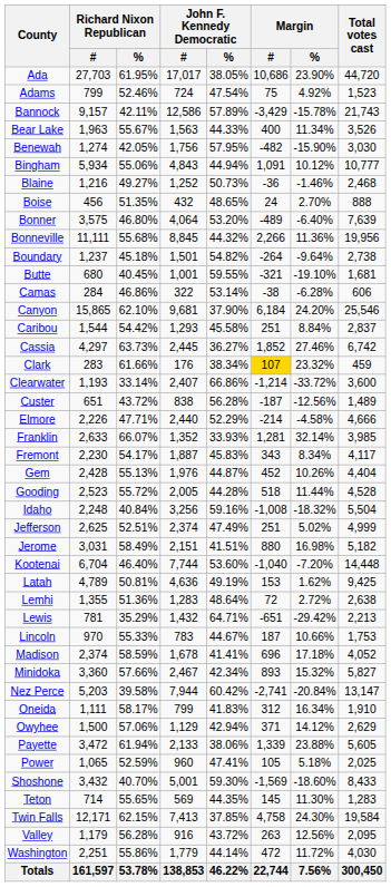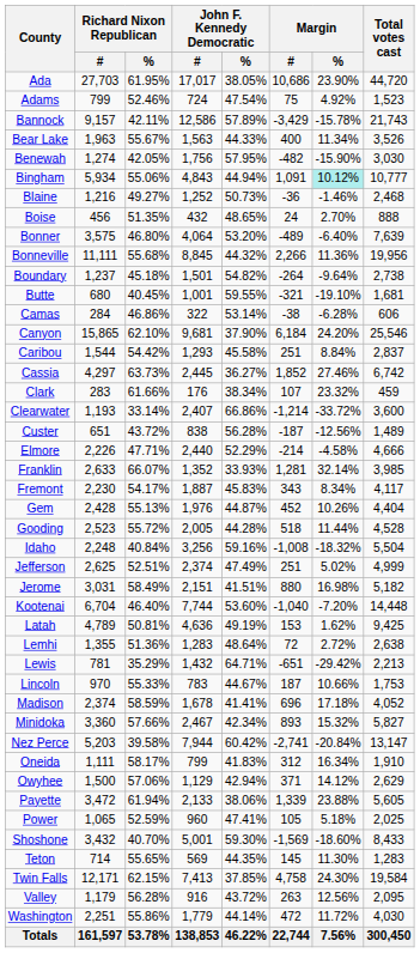 <table width="60%"  class="wikitable sortable" style="text-align:center">
 <tr>
 <th style="text-align:center;" rowspan="2">County</th>
 <th style="text-align:center;" colspan="2">Richard Nixon<br>Republican</th>
 <th style="text-align:center;" colspan="2">John F. Kennedy<br>Democratic</th>
 <th style="text-align:center;" colspan="2">Margin</th>
 <th style="text-align:center;" rowspan="2">Total votes cast</th>
 </tr>
 <tr>
 <th style="text-align:center;" data-sort-type="number">#</th>
 <th style="text-align:center;" data-sort-type="number">%</th>
 <th style="text-align:center;" data-sort-type="number">#</th>
 <th style="text-align:center;" data-sort-type="number">%</th>
 <th style="text-align:center;" data-sort-type="number">#</th>
 <th style="text-align:center;" data-sort-type="number">%</th>
 </tr>
 <tr style="text-align:center;">
 <td><a href='#'>Ada</a></td>
 <td>27,703</td>
 <td>61.95%</td>
 <td>17,017</td>
 <td>38.05%</td>
 <td>10,686</td>
 <td>23.90%</td>
 <td>44,720</td>
 </tr>
 <tr style="text-align:center;">
 <td><a href='#'>Adams</a></td>
 <td>799</td>
 <td>52.46%</td>
 <td>724</td>
 <td>47.54%</td>
 <td>75</td>
 <td>4.92%</td>
 <td>1,523</td>
 </tr>
 <tr style="text-align:center;">
 <td><a href='#'>Bannock</a></td>
 <td>9,157</td>
 <td>42.11%</td>
 <td>12,586</td>
 <td>57.89%</td>
 <td>-3,429</td>
 <td>-15.78%</td>
 <td>21,743</td>
 </tr>
 <tr style="text-align:center;">
 <td><a href='#'>Bear Lake</a></td>
 <td>1,963</td>
 <td>55.67%</td>
 <td>1,563</td>
 <td>44.33%</td>
 <td>400</td>
 <td>11.34%</td>
 <td>3,526</td>
 </tr>
 <tr style="text-align:center;">
 <td><a href='#'>Benewah</a></td>
 <td>1,274</td>
 <td>42.05%</td>
 <td>1,756</td>
 <td>57.95%</td>
 <td>-482</td>
 <td>-15.90%</td>
 <td>3,030</td>
 </tr>
 <tr style="text-align:center;">
 <td><a href='#'>Bingham</a></td>
 <td>5,934</td>
 <td>55.06%</td>
 <td>4,843</td>
 <td>44.94%</td>
 <td>1,091</td>
-<td>10.12%</td>
+<td style="background: paleturquoise;">10.12%</td>
 <td>10,777</td>
 </tr>
 <tr style="text-align:center;">
 <td><a href='#'>Blaine</a></td>
 <td>1,216</td>
 <td>49.27%</td>
 <td>1,252</td>
 <td>50.73%</td>
 <td>-36</td>
 <td>-1.46%</td>
 <td>2,468</td>
 </tr>
 <tr style="text-align:center;">
 <td><a href='#'>Boise</a></td>
 <td>456</td>
 <td>51.35%</td>
 <td>432</td>
 <td>48.65%</td>
 <td>24</td>
 <td>2.70%</td>
 <td>888</td>
 </tr>
 <tr style="text-align:center;">
 <td><a href='#'>Bonner</a></td>
 <td>3,575</td>
 <td>46.80%</td>
 <td>4,064</td>
 <td>53.20%</td>
 <td>-489</td>
 <td>-6.40%</td>
 <td>7,639</td>
 </tr>
 <tr style="text-align:center;">
 <td><a href='#'>Bonneville</a></td>
 <td>11,111</td>
 <td>55.68%</td>
 <td>8,845</td>
 <td>44.32%</td>
 <td>2,266</td>
 <td>11.36%</td>
 <td>19,956</td>
 </tr>
 <tr style="text-align:center;">
 <td><a href='#'>Boundary</a></td>
 <td>1,237</td>
 <td>45.18%</td>
 <td>1,501</td>
 <td>54.82%</td>
 <td>-264</td>
 <td>-9.64%</td>
 <td>2,738</td>
 </tr>
 <tr style="text-align:center;">
 <td><a href='#'>Butte</a></td>
 <td>680</td>
 <td>40.45%</td>
 <td>1,001</td>
 <td>59.55%</td>
 <td>-321</td>
 <td>-19.10%</td>
 <td>1,681</td>
 </tr>
 <tr style="text-align:center;">
 <td><a href='#'>Camas</a></td>
 <td>284</td>
 <td>46.86%</td>
 <td>322</td>
 <td>53.14%</td>
 <td>-38</td>
 <td>-6.28%</td>
 <td>606</td>
 </tr>
 <tr style="text-align:center;">
 <td><a href='#'>Canyon</a></td>
 <td>15,865</td>
 <td>62.10%</td>
 <td>9,681</td>
 <td>37.90%</td>
 <td>6,184</td>
 <td>24.20%</td>
 <td>25,546</td>
 </tr>
 <tr style="text-align:center;">
 <td><a href='#'>Caribou</a></td>
 <td>1,544</td>
 <td>54.42%</td>
 <td>1,293</td>
 <td>45.58%</td>
 <td>251</td>
 <td>8.84%</td>
 <td>2,837</td>
 </tr>
 <tr style="text-align:center;">
 <td><a href='#'>Cassia</a></td>
 <td>4,297</td>
 <td>63.73%</td>
 <td>2,445</td>
 <td>36.27%</td>
 <td>1,852</td>
 <td>27.46%</td>
 <td>6,742</td>
 </tr>
 <tr style="text-align:center;">
 <td><a href='#'>Clark</a></td>
 <td>283</td>
 <td>61.66%</td>
 <td>176</td>
 <td>38.34%</td>
-<td style="background: gold;">107</td>
+<td>107</td>
 <td>23.32%</td>
 <td>459</td>
 </tr>
 <tr style="text-align:center;">
 <td><a href='#'>Clearwater</a></td>
 <td>1,193</td>
 <td>33.14%</td>
 <td>2,407</td>
 <td>66.86%</td>
 <td>-1,214</td>
 <td>-33.72%</td>
 <td>3,600</td>
 </tr>
 <tr style="text-align:center;">
 <td><a href='#'>Custer</a></td>
 <td>651</td>
 <td>43.72%</td>
 <td>838</td>
 <td>56.28%</td>
 <td>-187</td>
 <td>-12.56%</td>
 <td>1,489</td>
 </tr>
 <tr style="text-align:center;">
 <td><a href='#'>Elmore</a></td>
 <td>2,226</td>
 <td>47.71%</td>
 <td>2,440</td>
 <td>52.29%</td>
 <td>-214</td>
 <td>-4.58%</td>
 <td>4,666</td>
 </tr>
 <tr style="text-align:center;">
 <td><a href='#'>Franklin</a></td>
 <td>2,633</td>
 <td>66.07%</td>
 <td>1,352</td>
 <td>33.93%</td>
 <td>1,281</td>
 <td>32.14%</td>
 <td>3,985</td>
 </tr>
 <tr style="text-align:center;">
 <td><a href='#'>Fremont</a></td>
 <td>2,230</td>
 <td>54.17%</td>
 <td>1,887</td>
 <td>45.83%</td>
 <td>343</td>
 <td>8.34%</td>
 <td>4,117</td>
 </tr>
 <tr style="text-align:center;">
 <td><a href='#'>Gem</a></td>
 <td>2,428</td>
 <td>55.13%</td>
 <td>1,976</td>
 <td>44.87%</td>
 <td>452</td>
 <td>10.26%</td>
 <td>4,404</td>
 </tr>
 <tr style="text-align:center;">
 <td><a href='#'>Gooding</a></td>
 <td>2,523</td>
 <td>55.72%</td>
 <td>2,005</td>
 <td>44.28%</td>
 <td>518</td>
 <td>11.44%</td>
 <td>4,528</td>
 </tr>
 <tr style="text-align:center;">
 <td><a href='#'>Idaho</a></td>
 <td>2,248</td>
 <td>40.84%</td>
 <td>3,256</td>
 <td>59.16%</td>
 <td>-1,008</td>
 <td>-18.32%</td>
 <td>5,504</td>
 </tr>
 <tr style="text-align:center;">
 <td><a href='#'>Jefferson</a></td>
 <td>2,625</td>
 <td>52.51%</td>
 <td>2,374</td>
 <td>47.49%</td>
 <td>251</td>
 <td>5.02%</td>
 <td>4,999</td>
 </tr>
 <tr style="text-align:center;">
 <td><a href='#'>Jerome</a></td>
 <td>3,031</td>
 <td>58.49%</td>
 <td>2,151</td>
 <td>41.51%</td>
 <td>880</td>
 <td>16.98%</td>
 <td>5,182</td>
 </tr>
 <tr style="text-align:center;">
 <td><a href='#'>Kootenai</a></td>
 <td>6,704</td>
 <td>46.40%</td>
 <td>7,744</td>
 <td>53.60%</td>
 <td>-1,040</td>
 <td>-7.20%</td>
 <td>14,448</td>
 </tr>
 <tr style="text-align:center;">
 <td><a href='#'>Latah</a></td>
 <td>4,789</td>
 <td>50.81%</td>
 <td>4,636</td>
 <td>49.19%</td>
 <td>153</td>
 <td>1.62%</td>
 <td>9,425</td>
 </tr>
 <tr style="text-align:center;">
 <td><a href='#'>Lemhi</a></td>
 <td>1,355</td>
 <td>51.36%</td>
 <td>1,283</td>
 <td>48.64%</td>
 <td>72</td>
 <td>2.72%</td>
 <td>2,638</td>
 </tr>
 <tr style="text-align:center;">
 <td><a href='#'>Lewis</a></td>
 <td>781</td>
 <td>35.29%</td>
 <td>1,432</td>
 <td>64.71%</td>
 <td>-651</td>
 <td>-29.42%</td>
 <td>2,213</td>
 </tr>
 <tr style="text-align:center;">
 <td><a href='#'>Lincoln</a></td>
 <td>970</td>
 <td>55.33%</td>
 <td>783</td>
 <td>44.67%</td>
 <td>187</td>
 <td>10.66%</td>
 <td>1,753</td>
 </tr>
 <tr style="text-align:center;">
 <td><a href='#'>Madison</a></td>
 <td>2,374</td>
 <td>58.59%</td>
 <td>1,678</td>
 <td>41.41%</td>
 <td>696</td>
 <td>17.18%</td>
 <td>4,052</td>
 </tr>
 <tr style="text-align:center;">
 <td><a href='#'>Minidoka</a></td>
 <td>3,360</td>
 <td>57.66%</td>
 <td>2,467</td>
 <td>42.34%</td>
 <td>893</td>
 <td>15.32%</td>
 <td>5,827</td>
 </tr>
 <tr style="text-align:center;">
 <td><a href='#'>Nez Perce</a></td>
 <td>5,203</td>
 <td>39.58%</td>
 <td>7,944</td>
 <td>60.42%</td>
 <td>-2,741</td>
 <td>-20.84%</td>
 <td>13,147</td>
 </tr>
 <tr style="text-align:center;">
 <td><a href='#'>Oneida</a></td>
 <td>1,111</td>
 <td>58.17%</td>
 <td>799</td>
 <td>41.83%</td>
 <td>312</td>
 <td>16.34%</td>
 <td>1,910</td>
 </tr>
 <tr style="text-align:center;">
 <td><a href='#'>Owyhee</a></td>
 <td>1,500</td>
 <td>57.06%</td>
 <td>1,129</td>
 <td>42.94%</td>
 <td>371</td>
 <td>14.12%</td>
 <td>2,629</td>
 </tr>
 <tr style="text-align:center;">
 <td><a href='#'>Payette</a></td>
 <td>3,472</td>
 <td>61.94%</td>
 <td>2,133</td>
 <td>38.06%</td>
 <td>1,339</td>
 <td>23.88%</td>
 <td>5,605</td>
 </tr>
 <tr style="text-align:center;">
 <td><a href='#'>Power</a></td>
 <td>1,065</td>
 <td>52.59%</td>
 <td>960</td>
 <td>47.41%</td>
 <td>105</td>
 <td>5.18%</td>
 <td>2,025</td>
 </tr>
 <tr style="text-align:center;">
 <td><a href='#'>Shoshone</a></td>
 <td>3,432</td>
 <td>40.70%</td>
 <td>5,001</td>
 <td>59.30%</td>
 <td>-1,569</td>
 <td>-18.60%</td>
 <td>8,433</td>
 </tr>
 <tr style="text-align:center;">
 <td><a href='#'>Teton</a></td>
 <td>714</td>
 <td>55.65%</td>
 <td>569</td>
 <td>44.35%</td>
 <td>145</td>
 <td>11.30%</td>
 <td>1,283</td>
 </tr>
 <tr style="text-align:center;">
 <td><a href='#'>Twin Falls</a></td>
 <td>12,171</td>
 <td>62.15%</td>
 <td>7,413</td>
 <td>37.85%</td>
 <td>4,758</td>
 <td>24.30%</td>
 <td>19,584</td>
 </tr>
 <tr style="text-align:center;">
 <td><a href='#'>Valley</a></td>
 <td>1,179</td>
 <td>56.28%</td>
 <td>916</td>
 <td>43.72%</td>
 <td>263</td>
 <td>12.56%</td>
 <td>2,095</td>
 </tr>
 <tr style="text-align:center;">
 <td><a href='#'>Washington</a></td>
 <td>2,251</td>
 <td>55.86%</td>
 <td>1,779</td>
 <td>44.14%</td>
 <td>472</td>
 <td>11.72%</td>
 <td>4,030</td>
 </tr>
 <tr style="text-align:center;">
 <th>Totals</th>
 <th>161,597</th>
 <th>53.78%</th>
 <th>138,853</th>
 <th>46.22%</th>
 <th>22,744</th>
 <th>7.56%</th>
 <th>300,450</th>
 </tr>
 </table>
